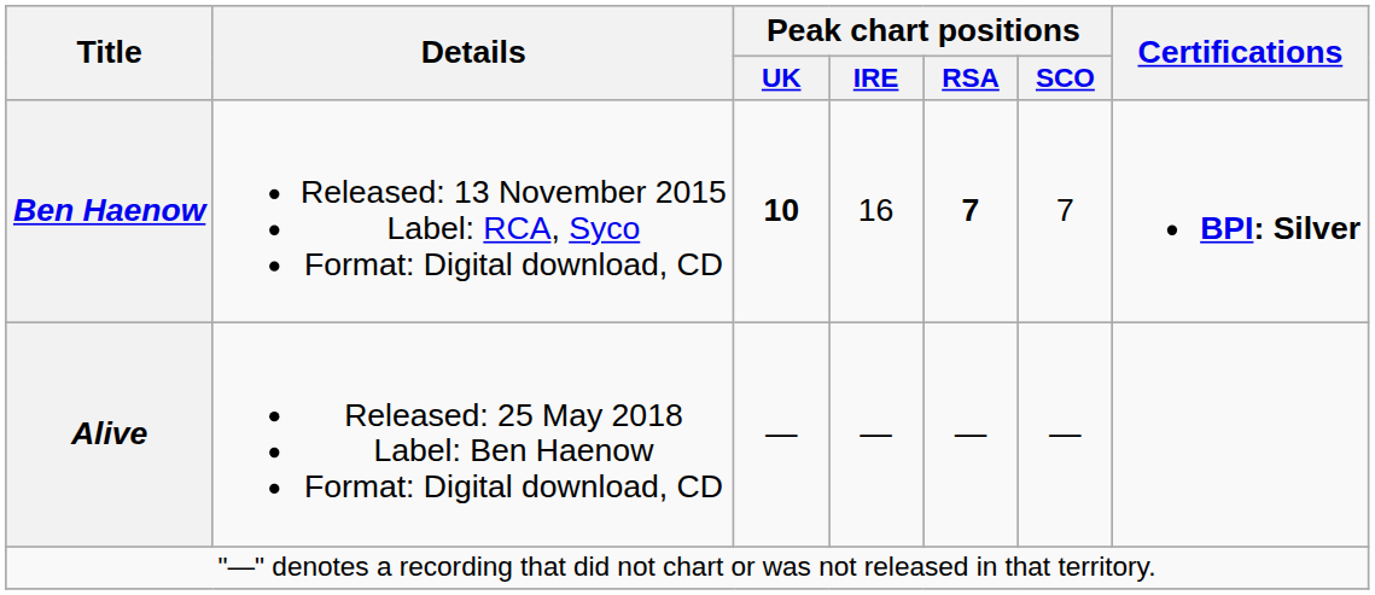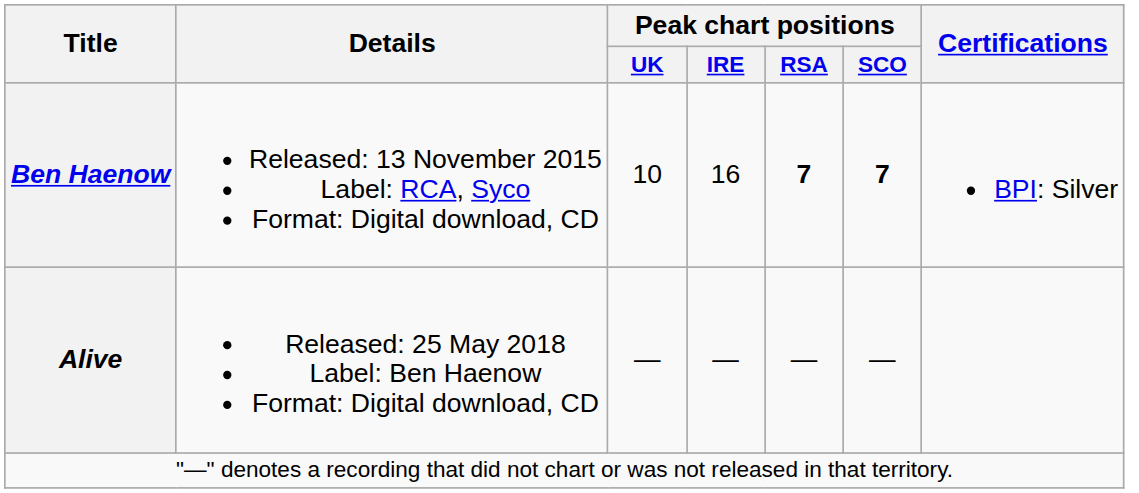 <table class="wikitable plainrowheaders" style="text-align:center;">
 <tr>
 <th scope="col" rowspan="2">Title</th>
 <th scope="col" rowspan="2">Details</th>
 <th scope="col" colspan="4">Peak chart positions</th>
 <th scope="col" rowspan="2"><a href='#'>Certifications</a></th>
 </tr>
 <tr>
 <th scope="col" style="width:3em;font-size:85%;"><a href='#'>UK</a><br></th>
 <th scope="col" style="width:3em;font-size:85%;"><a href='#'>IRE</a><br></th>
 <th scope="col" style="width:3em;font-size:85%;"><a href='#'>RSA</a><br></th>
 <th scope="col" style="width:3em;font-size:85%;"><a href='#'>SCO</a><br></th>
 </tr>
 <tr>
 <th scope="row"><em><a href='#'>Ben Haenow</a></em></th>
 <td><br><ul><li>Released: 13 November 2015</li><li>Label: <a href='#'>RCA</a>, <a href='#'>Syco</a></li><li>Format: Digital download, CD</li></ul></td>
-<td><strong>10</strong></td>
+<td>10</td>
 <td>16</td>
 <td><strong>7</strong></td>
-<td>7</td>
-<td><strong><br><ul><li><a href='#'>BPI</a>: Silver</li></ul></strong></td>
+<td><strong>7</strong></td>
+<td><br><ul><li><a href='#'>BPI</a>: Silver</li></ul></td>
 </tr>
 <tr>
 <th scope="row"><em>Alive</em></th>
 <td><br><ul><li>Released: 25 May 2018</li><li>Label: Ben Haenow</li><li>Format: Digital download, CD</li></ul></td>
 <td>—</td>
 <td>—</td>
 <td>—</td>
 <td>—</td>
 <td></td>
 </tr>
 <tr>
 <td colspan="14" style="font-size:85%">"—" denotes a recording that did not chart or was not released in that territory.</td>
 </tr>
 </table>
